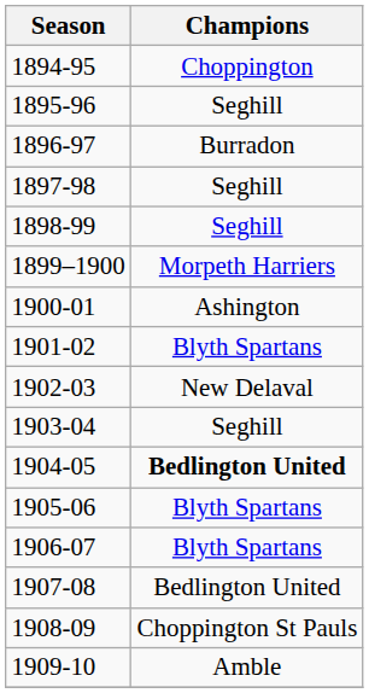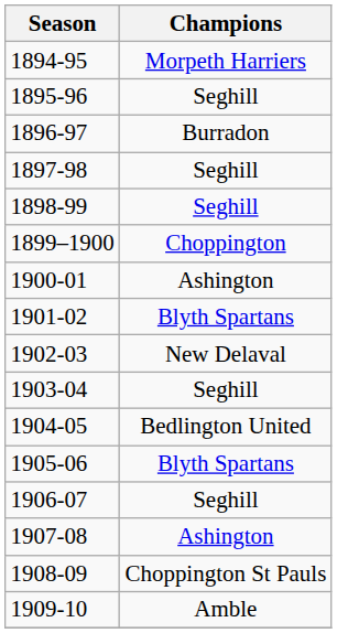 <table class="wikitable" style="text-align:center;">
 <tr>
 <th>Season<br></th>
 <th>Champions</th>
 </tr>
 <tr>
 <td style="text-align:left;">1894-95</td>
-<td><a href='#'>Choppington</a></td>
+<td><a href='#'>Morpeth Harriers</a></td>
 </tr>
 <tr>
 <td style="text-align:left;">1895-96</td>
 <td>Seghill</td>
 </tr>
 <tr>
 <td style="text-align:left;">1896-97</td>
 <td>Burradon</td>
 </tr>
 <tr>
 <td style="text-align:left;">1897-98</td>
 <td>Seghill</td>
 </tr>
 <tr>
 <td style="text-align:left;">1898-99</td>
 <td><a href='#'>Seghill</a></td>
 </tr>
 <tr>
 <td style="text-Morpethalign:left;">1899–1900</td>
-<td><a href='#'>Morpeth Harriers</a></td>
+<td><a href='#'>Choppington</a></td>
 </tr>
 <tr>
 <td style="text-align:left;">1900-01</td>
 <td>Ashington</td>
 </tr>
 <tr>
 <td style="text-align:left;">1901-02</td>
 <td><a href='#'>Blyth Spartans</a></td>
 </tr>
 <tr>
 <td style="text-align:left;">1902-03</td>
 <td>New Delaval</td>
 </tr>
 <tr>
 <td style="text-align:left;">1903-04</td>
 <td>Seghill</td>
 </tr>
 <tr>
 <td style="text-align:left;">1904-05</td>
-<td><strong>Bedlington United</strong></td>
+<td>Bedlington United</td>
 </tr>
 <tr>
 <td style="text-align:left;">1905-06</td>
 <td><a href='#'>Blyth Spartans</a></td>
 </tr>
 <tr>
 <td style="text-align:left;">1906-07</td>
-<td><a href='#'>Blyth Spartans</a></td>
+<td>Seghill</td>
 </tr>
 <tr>
 <td style="text-align:left;">1907-08</td>
-<td>Bedlington United</td>
+<td><a href='#'>Ashington</a></td>
 </tr>
 <tr>
 <td style="text-align:left;">1908-09</td>
 <td>Choppington St Pauls</td>
 </tr>
 <tr>
 <td style="text-align:left;">1909-10</td>
 <td>Amble</td>
 </tr>
 <tr>
 </tr>
 </table>
